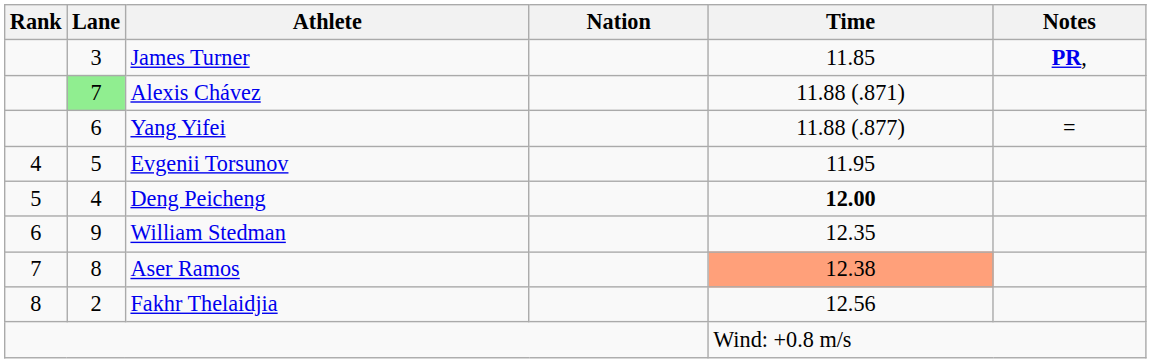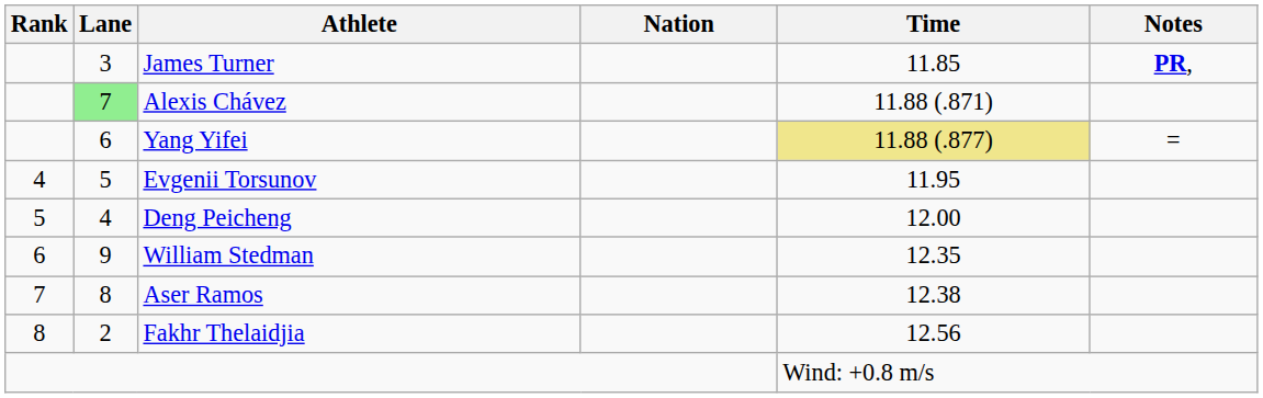 <table class="wikitable sortable" style="text-align:center;width: 65%;">
 <tr>
 <th scope="col" style="width: 10px;">Rank</th>
 <th scope="col" style="width: 10px;">Lane</th>
 <th scope="col">Athlete</th>
 <th scope="col">Nation</th>
 <th scope="col">Time</th>
 <th scope="col">Notes</th>
 </tr>
 <tr>
 <td></td>
 <td>3</td>
 <td align=left><a href='#'>James Turner</a></td>
 <td align=left></td>
 <td>11.85</td>
 <td><strong><a href='#'>PR</a></strong>, </td>
 </tr>
 <tr>
 <td></td>
 <td style="background: lightgreen;">7</td>
 <td align=left><a href='#'>Alexis Chávez</a></td>
 <td align=left></td>
 <td>11.88 (.871)</td>
 <td></td>
 </tr>
 <tr>
 <td></td>
 <td>6</td>
 <td align=left><a href='#'>Yang Yifei</a></td>
 <td align=left></td>
-<td>11.88 (.877)</td>
+<td style="background: khaki;">11.88 (.877)</td>
 <td>=</td>
 </tr>
 <tr>
 <td>4</td>
 <td>5</td>
 <td align=left><a href='#'>Evgenii Torsunov</a></td>
 <td align=left></td>
 <td>11.95</td>
 <td></td>
 </tr>
 <tr>
 <td>5</td>
 <td>4</td>
 <td align=left><a href='#'>Deng Peicheng</a></td>
 <td align=left></td>
-<td><strong>12.00</strong></td>
+<td>12.00</td>
 <td></td>
 </tr>
 <tr>
 <td>6</td>
 <td>9</td>
 <td align=left><a href='#'>William Stedman</a></td>
 <td align=left></td>
 <td>12.35</td>
 <td></td>
 </tr>
 <tr>
 <td>7</td>
 <td>8</td>
 <td align=left><a href='#'>Aser Ramos</a></td>
 <td align=left></td>
-<td style="background: lightsalmon;">12.38</td>
+<td>12.38</td>
 <td></td>
 </tr>
 <tr>
 <td>8</td>
 <td>2</td>
 <td align=left><a href='#'>Fakhr Thelaidjia</a></td>
 <td align=left></td>
 <td>12.56</td>
 <td></td>
 </tr>
 <tr class="sortbottom">
 <td colspan="4"></td>
 <td colspan="2" style="text-align:left;">Wind: +0.8 m/s</td>
 </tr>
 </table>
